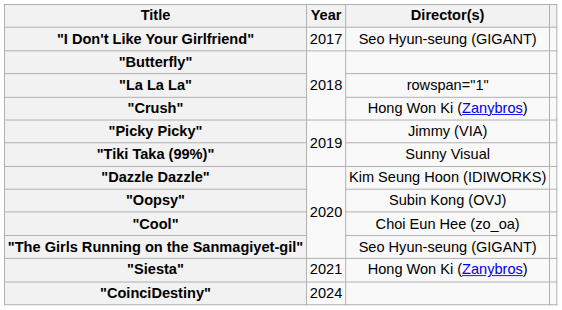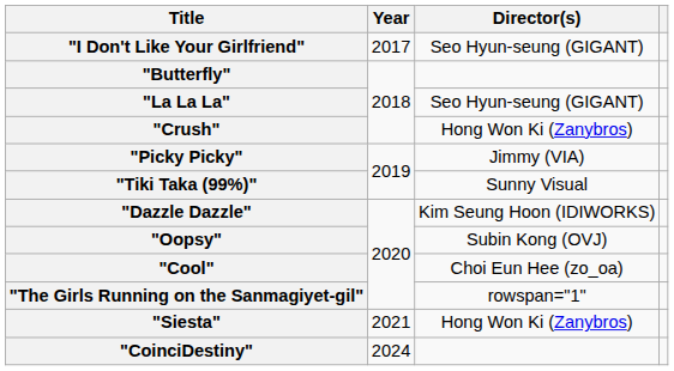 <table class="wikitable plainrowheaders" style="text-align:center; table-layout:fixed; margin-right:0">
 <tr>
 <th scope="col">Title</th>
 <th scope="col">Year</th>
 <th scope="col">Director(s)</th>
 <th scope="col"></th>
 </tr>
 <tr>
 <th scope="row">"I Don't Like Your Girlfriend"</th>
 <td>2017</td>
 <td>Seo Hyun-seung (GIGANT)</td>
 <td></td>
 </tr>
 <tr>
 <th scope="row">"Butterfly"</th>
 <td rowspan="3">2018</td>
 <td></td>
 <td></td>
 </tr>
 <tr>
 <th scope="row">"La La La"</th>
-<td>rowspan="1" </td>
+<td>Seo Hyun-seung (GIGANT)</td>
 <td></td>
 </tr>
 <tr>
 <th scope="row">"Crush"</th>
 <td>Hong Won Ki (<a href='#'>Zanybros</a>)</td>
 <td></td>
 </tr>
 <tr>
 <th scope="row">"Picky Picky"</th>
 <td rowspan="2">2019</td>
 <td>Jimmy (VIA)</td>
 <td></td>
 </tr>
 <tr>
 <th scope="row">"Tiki Taka (99%)"</th>
 <td>Sunny Visual</td>
 <td></td>
 </tr>
 <tr>
 <th scope="row">"Dazzle Dazzle"</th>
 <td rowspan="4">2020</td>
 <td>Kim Seung Hoon (IDIWORKS)</td>
 <td></td>
 </tr>
 <tr>
 <th scope="row">"Oopsy"</th>
 <td>Subin Kong (OVJ)</td>
 <td></td>
 </tr>
 <tr>
 <th scope="row">"Cool"</th>
 <td>Choi Eun Hee (zo_oa)</td>
 <td></td>
 </tr>
 <tr>
 <th scope="row">"The Girls Running on the Sanmagiyet-gil"<br></th>
-<td>Seo Hyun-seung (GIGANT)</td>
+<td>rowspan="1" </td>
 <td></td>
 </tr>
 <tr>
 <th scope="row">"Siesta"</th>
 <td>2021</td>
 <td>Hong Won Ki (<a href='#'>Zanybros</a>)</td>
 <td></td>
 </tr>
 <tr>
 <th scope="row">"CoinciDestiny"</th>
 <td>2024</td>
 <td></td>
 <td></td>
 </tr>
 </table>
